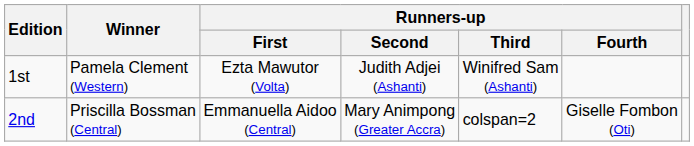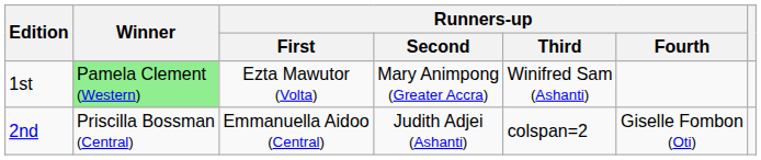 <table class="wikitable defaultcenter" style="font-size:90%;">
 <tr>
 <th rowspan=2>Edition</th>
 <th rowspan=2>Winner</th>
 <th colspan=4>Runners-up</th>
 <th rowspan=2></th>
 </tr>
 <tr>
 <th>First</th>
 <th>Second</th>
 <th>Third</th>
 <th>Fourth</th>
 </tr>
 <tr>
 <td>1st</td>
-<td>Pamela Clement<br><small>(<a href='#'>Western</a>)</small></td>
+<td style="background: lightgreen;">Pamela Clement<br><small>(<a href='#'>Western</a>)</small></td>
 <td align=center>Ezta Mawutor<br><small>(<a href='#'>Volta</a>)</small></td>
-<td align=center>Judith Adjei<br><small>(<a href='#'>Ashanti</a>)</small></td>
+<td align=center>Mary Animpong<br><small>(<a href='#'>Greater Accra</a>)</small></td>
 <td align=center>Winifred Sam<br><small>(<a href='#'>Ashanti</a>)</small></td>
 <td></td>
 </tr>
 <tr>
 <td><a href='#'>2nd</a></td>
 <td>Priscilla Bossman<br><small>(<a href='#'>Central</a>)</small></td>
 <td align=center>Emmanuella Aidoo<br><small>(<a href='#'>Central</a>)</small></td>
-<td align=center>Mary Animpong<br><small>(<a href='#'>Greater Accra</a>)</small></td>
+<td align=center>Judith Adjei<br><small>(<a href='#'>Ashanti</a>)</small></td>
 <td>colspan=2 </td>
 <td align=center>Giselle Fombon<br><small>(<a href='#'>Oti</a>)</small></td>
 <td></td>
 </tr>
 </table>
